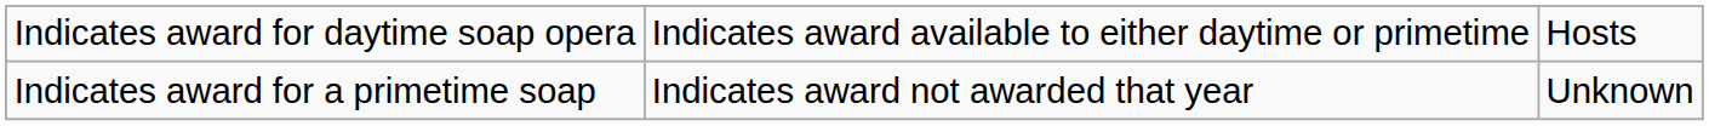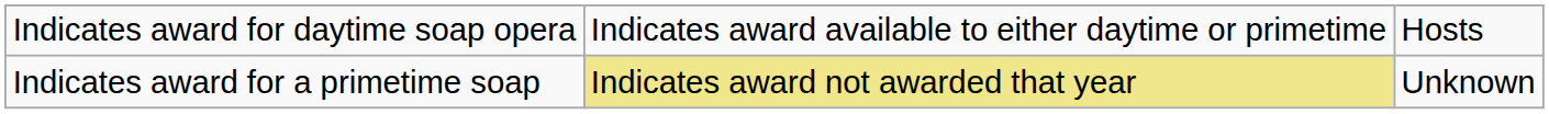 <table class="wikitable">
 <tr>
 <td> Indicates award for daytime soap opera</td>
 <td> Indicates award available to either daytime or primetime</td>
 <td> Hosts</td>
 </tr>
 <tr>
 <td> Indicates award for a primetime soap</td>
-<td> Indicates award not awarded that year</td>
+<td style="background: khaki;"> Indicates award not awarded that year</td>
 <td> Unknown</td>
 </tr>
 </table>
